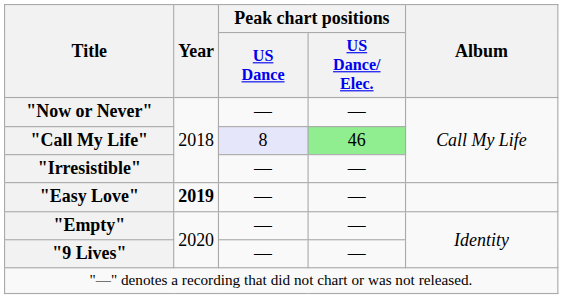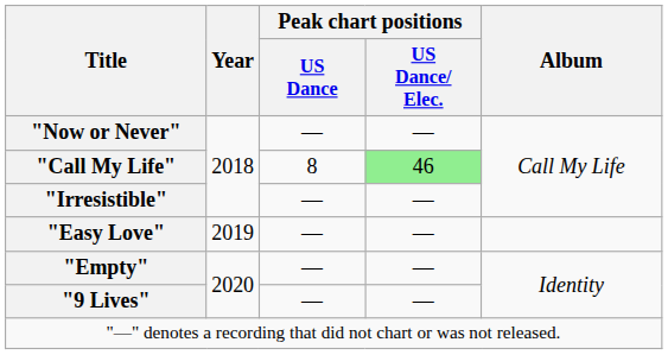 <table class="wikitable plainrowheaders" style="text-align:center;">
 <tr>
 <th rowspan="2" style="width:9em;">Title</th>
 <th rowspan="2" style="width:1em;">Year</th>
 <th colspan="2" style="width:10em;">Peak chart positions</th>
 <th rowspan="2" style="width:8em;">Album</th>
 </tr>
 <tr>
 <th scope="col" style="width:2em;font-size:90%;"><a href='#'>US<br>Dance</a><br></th>
 <th scope="col" style="width:2em;font-size:90%;"><a href='#'>US<br>Dance/<br>Elec.</a><br></th>
 </tr>
 <tr>
 <th scope="row">"Now or Never"</th>
 <td rowspan="3">2018</td>
 <td>—</td>
 <td>—</td>
 <td rowspan="3"><em>Call My Life</em></td>
 </tr>
 <tr>
 <th scope="row">"Call My Life"</th>
-<td style="background: lavender;">8</td>
+<td>8</td>
 <td style="background: lightgreen;">46</td>
 </tr>
 <tr>
 <th scope="row">"Irresistible"</th>
 <td>—</td>
 <td>—</td>
 </tr>
 <tr>
 <th scope="row">"Easy Love"</th>
-<td><strong>2019</strong></td>
+<td>2019</td>
 <td>—</td>
 <td>—</td>
 <td></td>
 </tr>
 <tr>
 <th scope="row">"Empty"</th>
 <td rowspan="2">2020</td>
 <td>—</td>
 <td>—</td>
 <td rowspan="2"><em>Identity</em></td>
 </tr>
 <tr>
 <th scope="row">"9 Lives"</th>
 <td>—</td>
 <td>—</td>
 </tr>
 <tr>
 <td colspan="5" style="font-size:85%">"—" denotes a recording that did not chart or was not released.</td>
 </tr>
 </table>
